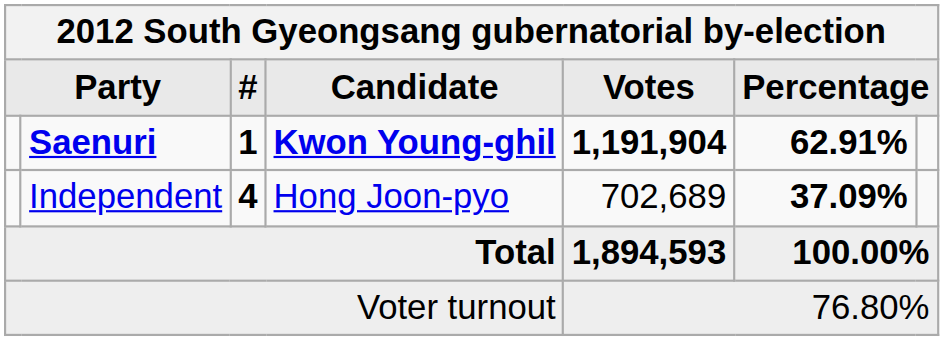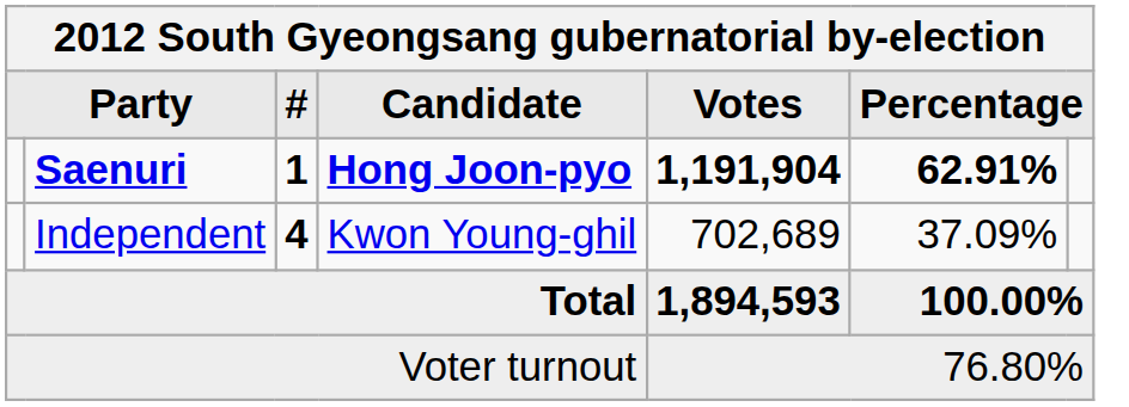 <table class="wikitable">
 <tr>
 <th colspan="7">2012 South Gyeongsang gubernatorial by-election</th>
 </tr>
 <tr>
 <th style="background-color:#E9E9E9" colspan=2>Party</th>
 <th style="background-color:#E9E9E9">#</th>
 <th style="background-color:#E9E9E9">Candidate</th>
 <th style="background-color:#E9E9E9">Votes</th>
 <th style="background-color:#E9E9E9" colspan=2>Percentage</th>
 </tr>
 <tr style="font-weight:bold">
 <td></td>
 <td align=left><a href='#'>Saenuri</a></td>
 <td align=center>1</td>
-<td align=left><a href='#'>Kwon Young-ghil</a></td>
+<td align=left><a href='#'>Hong Joon-pyo</a></td>
 <td align=right>1,191,904</td>
 <td align=right>62.91%</td>
 <td align=right></td>
 </tr>
 <tr>
 <td></td>
 <td align=left><a href='#'>Independent</a></td>
 <td align=center><strong>4</strong></td>
-<td align=left><a href='#'>Hong Joon-pyo</a></td>
+<td align=left><a href='#'>Kwon Young-ghil</a></td>
 <td align=right>702,689</td>
-<td align=right><strong>37.09%</strong></td>
+<td align=right>37.09%</td>
 <td align=right></td>
 </tr>
 <tr bgcolor="#EEEEEE" style="font-weight:bold">
 <td colspan="4" align=right>Total</td>
 <td align=right>1,894,593</td>
 <td align=right colspan=2>100.00%</td>
 </tr>
 <tr bgcolor="#EEEEEE">
 <td colspan="4" align="right">Voter turnout</td>
 <td colspan="3" align="right">76.80%</td>
 </tr>
 </table>
